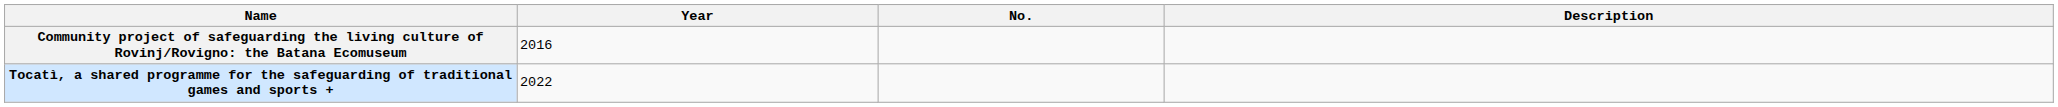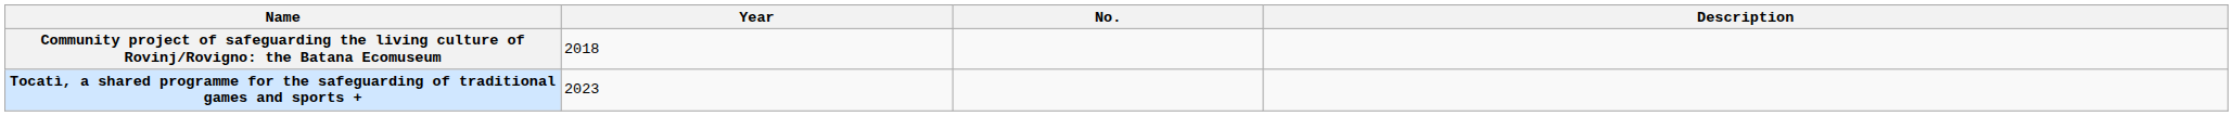 <table class="wikitable sortable plainrowheaders">
 <tr>
 <th style="width:25%">Name</th>
 <th>Year</th>
 <th>No.</th>
 <th class="unsortable">Description</th>
 </tr>
 <tr>
 <th scope="row">Community project of safeguarding the living culture of Rovinj/Rovigno: the Batana Ecomuseum</th>
-<td>2016</td>
+<td>2018</td>
 <td></td>
 </tr>
 <tr>
 <th scope="row" style="background:#D0E7FF;">Tocatì, a shared programme for the safeguarding of traditional games and sports +</th>
-<td>2022</td>
+<td>2023</td>
 <td></td>
 <td></td>
 </tr>
 </table>
